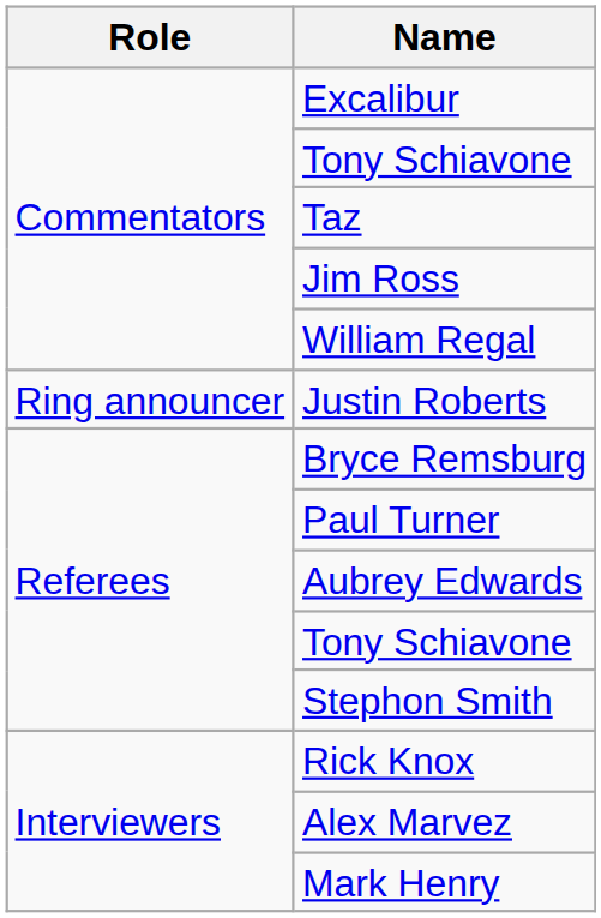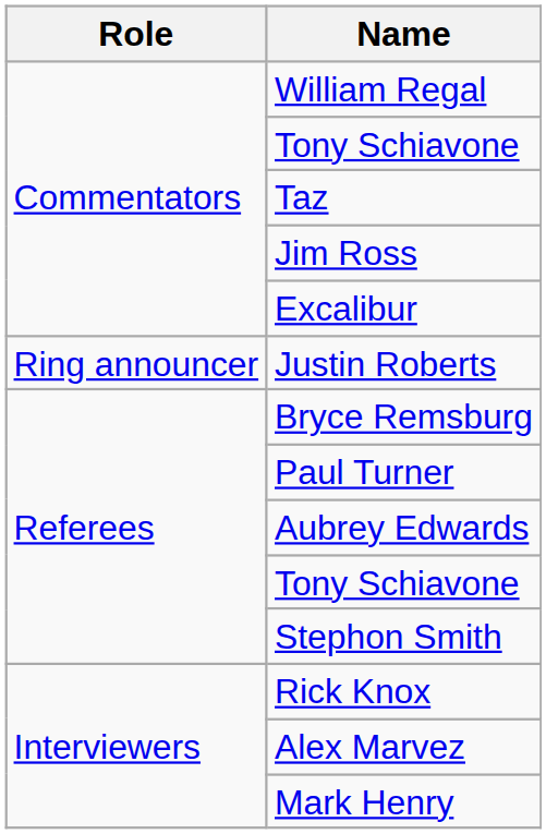 <table class=wikitable style="font-size:90%; margin: 0.5em 0 0.5em 1em; float: right; clear: right;">
 <tr>
 <th>Role</th>
 <th>Name</th>
 </tr>
 <tr>
 <td rowspan=5><a href='#'>Commentators</a></td>
-<td><a href='#'>Excalibur</a> </td>
+<td><a href='#'>William Regal</a> </td>
 </tr>
 <tr>
 <td><a href='#'>Tony Schiavone</a> </td>
 </tr>
 <tr>
 <td><a href='#'>Taz</a> </td>
 </tr>
 <tr>
 <td><a href='#'>Jim Ross</a> </td>
 </tr>
 <tr>
-<td><a href='#'>William Regal</a> </td>
+<td><a href='#'>Excalibur</a> </td>
 </tr>
 <tr>
 <td><a href='#'>Ring announcer</a></td>
 <td><a href='#'>Justin Roberts</a></td>
 </tr>
 <tr>
 <td rowspan=5><a href='#'>Referees</a></td>
 <td><a href='#'>Bryce Remsburg</a></td>
 </tr>
 <tr>
 <td><a href='#'>Paul Turner</a></td>
 </tr>
 <tr>
 <td><a href='#'>Aubrey Edwards</a></td>
 </tr>
 <tr>
 <td><a href='#'>Tony Schiavone</a></td>
 </tr>
 <tr>
 <td><a href='#'>Stephon Smith</a></td>
 </tr>
 <tr>
 <td rowspan=3><a href='#'>Interviewers</a></td>
 <td><a href='#'>Rick Knox</a></td>
 </tr>
 <tr>
 <td><a href='#'>Alex Marvez</a></td>
 </tr>
 <tr>
 <td><a href='#'>Mark Henry</a></td>
 </tr>
 </table>
